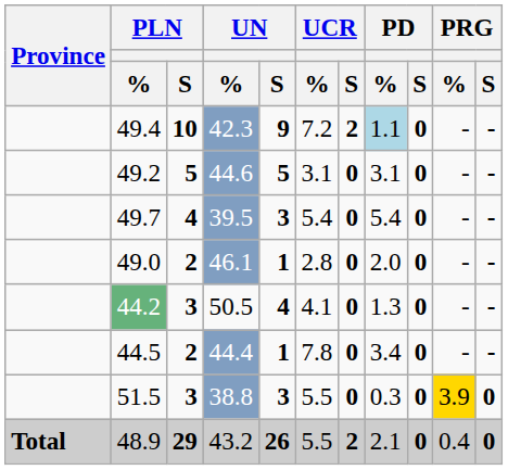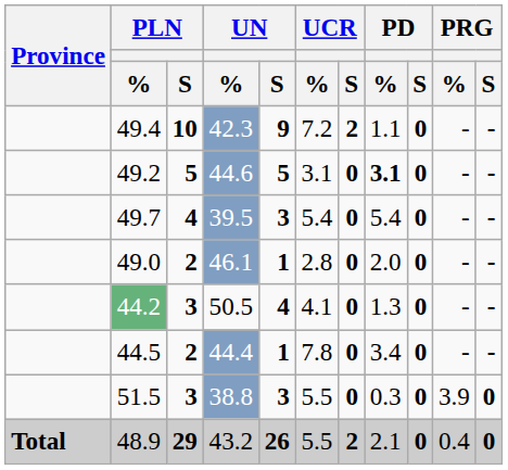 <table class="wikitable sortable" style="text-align:right; font-size:95%; line-height:20px;">
 <tr>
 <th rowspan="3"><a href='#'>Province</a></th>
 <th colspan="2" width="30px"><a href='#'>PLN</a></th>
 <th colspan="2" width="30px"><a href='#'>UN</a></th>
 <th colspan="2" width="30px"><a href='#'>UCR</a></th>
 <th colspan="2" width="30px">PD</th>
 <th colspan="2" width="30px">PRG</th>
 </tr>
 <tr>
 <th colspan="2" style="background:"></th>
 <th colspan="2" style="background:"></th>
 <th colspan="2" style="background:"></th>
 <th colspan="2" style="background:"></th>
 <th colspan="2" style="background:"></th>
 </tr>
 <tr>
 <th data-sort-type="number">%</th>
 <th data-sort-type="number">S</th>
 <th data-sort-type="number">%</th>
 <th data-sort-type="number">S</th>
 <th data-sort-type="number">%</th>
 <th data-sort-type="number">S</th>
 <th data-sort-type="number">%</th>
 <th data-sort-type="number">S</th>
 <th data-sort-type="number">%</th>
 <th data-sort-type="number">S</th>
 </tr>
 <tr>
 <td align="left"></td>
 <td style="background:">49.4</td>
 <td><strong>10</strong></td>
 <td style="background:#809ec1; color:white;">42.3</td>
 <td><strong>9</strong></td>
 <td>7.2</td>
 <td><strong>2</strong></td>
-<td style="background: lightblue;">1.1</td>
+<td>1.1</td>
 <td><strong>0</strong></td>
 <td>-</td>
 <td><strong>-</strong></td>
 </tr>
 <tr>
 <td align="left"></td>
 <td style="background:">49.2</td>
 <td><strong>5</strong></td>
 <td style="background:#809ec1; color:white;">44.6</td>
 <td><strong>5</strong></td>
 <td>3.1</td>
 <td><strong>0</strong></td>
-<td>3.1</td>
+<td><strong>3.1</strong></td>
 <td><strong>0</strong></td>
 <td>-</td>
 <td><strong>-</strong></td>
 </tr>
 <tr>
 <td align="left"></td>
 <td style="background:">49.7</td>
 <td><strong>4</strong></td>
 <td style="background:#809ec1; color:white;">39.5</td>
 <td><strong>3</strong></td>
 <td>5.4</td>
 <td><strong>0</strong></td>
 <td>5.4</td>
 <td><strong>0</strong></td>
 <td>-</td>
 <td><strong>-</strong></td>
 </tr>
 <tr>
 <td align="left"></td>
 <td style="background:">49.0</td>
 <td><strong>2</strong></td>
 <td style="background:#809ec1; color:white;">46.1</td>
 <td><strong>1</strong></td>
 <td>2.8</td>
 <td><strong>0</strong></td>
 <td>2.0</td>
 <td><strong>0</strong></td>
 <td>-</td>
 <td><strong>-</strong></td>
 </tr>
 <tr>
 <td align="left"></td>
 <td style="background:#66B27B; color:white;">44.2</td>
 <td><strong>3</strong></td>
 <td style="background:">50.5</td>
 <td><strong>4</strong></td>
 <td>4.1</td>
 <td><strong>0</strong></td>
 <td>1.3</td>
 <td><strong>0</strong></td>
 <td>-</td>
 <td><strong>-</strong></td>
 </tr>
 <tr>
 <td align="left"></td>
 <td style="background:">44.5</td>
 <td><strong>2</strong></td>
 <td style="background:#809ec1; color:white;">44.4</td>
 <td><strong>1</strong></td>
 <td>7.8</td>
 <td><strong>0</strong></td>
 <td>3.4</td>
 <td><strong>0</strong></td>
 <td>-</td>
 <td><strong>-</strong></td>
 </tr>
 <tr>
 <td align="left"></td>
 <td style="background:">51.5</td>
 <td><strong>3</strong></td>
 <td style="background:#809ec1; color:white;">38.8</td>
 <td><strong>3</strong></td>
 <td>5.5</td>
 <td><strong>0</strong></td>
 <td>0.3</td>
 <td><strong>0</strong></td>
-<td style="background: gold;">3.9</td>
+<td>3.9</td>
 <td><strong>0</strong></td>
 </tr>
 <tr style="background:#CDCDCD;">
 <td align="left"><strong>Total</strong></td>
 <td style="background:">48.9</td>
 <td><strong>29</strong></td>
 <td>43.2</td>
 <td><strong>26</strong></td>
 <td>5.5</td>
 <td><strong>2</strong></td>
 <td>2.1</td>
 <td><strong>0</strong></td>
 <td>0.4</td>
 <td><strong>0</strong></td>
 </tr>
 </table>
